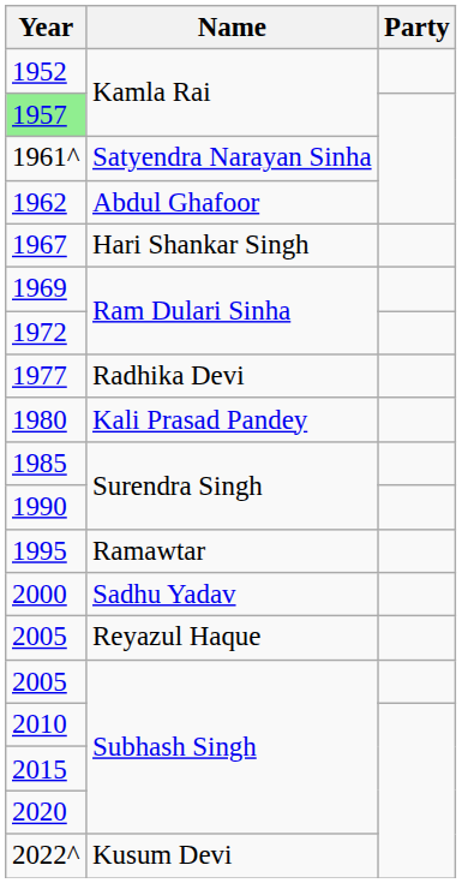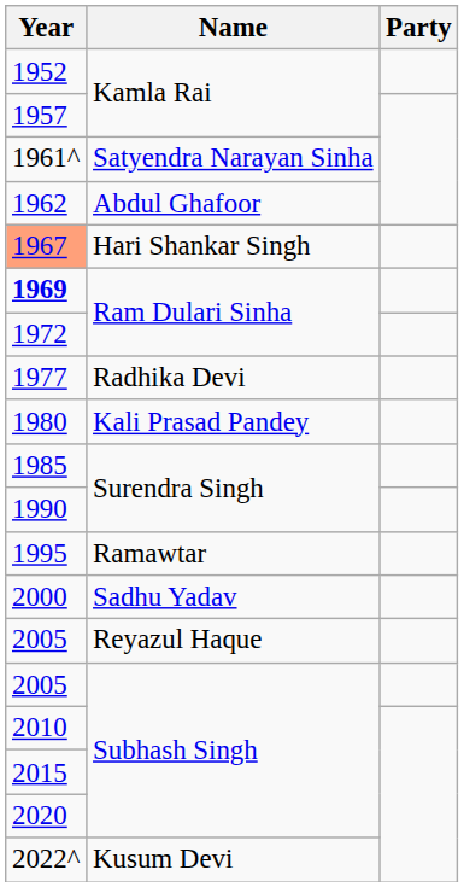 <table class="wikitable sortable">
 <tr>
 <th>Year</th>
 <th>Name</th>
 <th colspan="2">Party</th>
 </tr>
 <tr>
 <td><a href='#'>1952</a></td>
 <td rowspan="2">Kamla Rai</td>
 <td></td>
 </tr>
 <tr>
-<td style="background: lightgreen;"><a href='#'>1957</a></td>
+<td><a href='#'>1957</a></td>
 </tr>
 <tr>
 <td>1961^</td>
 <td><a href='#'>Satyendra Narayan Sinha</a></td>
 </tr>
 <tr>
 <td><a href='#'>1962</a></td>
 <td><a href='#'>Abdul Ghafoor</a></td>
 </tr>
 <tr>
-<td><a href='#'>1967</a></td>
+<td style="background: lightsalmon;"><a href='#'>1967</a></td>
 <td>Hari Shankar Singh</td>
 <td></td>
 </tr>
 <tr>
-<td><a href='#'>1969</a></td>
+<td><strong><a href='#'>1969</a></strong></td>
 <td rowspan="2"><a href='#'>Ram Dulari Sinha</a></td>
 <td></td>
 </tr>
 <tr>
 <td><a href='#'>1972</a></td>
 </tr>
 <tr>
 <td><a href='#'>1977</a></td>
 <td>Radhika Devi</td>
 <td></td>
 </tr>
 <tr>
 <td><a href='#'>1980</a></td>
 <td><a href='#'>Kali Prasad Pandey</a></td>
 <td></td>
 </tr>
 <tr>
 <td><a href='#'>1985</a></td>
 <td rowspan="2">Surendra Singh</td>
 </tr>
 <tr>
 <td><a href='#'>1990</a></td>
 <td></td>
 </tr>
 <tr>
 <td><a href='#'>1995</a></td>
 <td>Ramawtar</td>
 </tr>
 <tr>
 <td><a href='#'>2000</a></td>
 <td><a href='#'>Sadhu Yadav</a></td>
 <td></td>
 </tr>
 <tr>
 <td><a href='#'>2005</a></td>
 <td>Reyazul Haque</td>
 <td></td>
 </tr>
 <tr>
 <td><a href='#'>2005</a></td>
 <td rowspan="4"><a href='#'>Subhash Singh</a></td>
 <td></td>
 </tr>
 <tr>
 <td><a href='#'>2010</a></td>
 </tr>
 <tr>
 <td><a href='#'>2015</a></td>
 </tr>
 <tr>
 <td><a href='#'>2020</a></td>
 </tr>
 <tr>
 <td>2022^</td>
 <td>Kusum Devi</td>
 </tr>
 </table>
